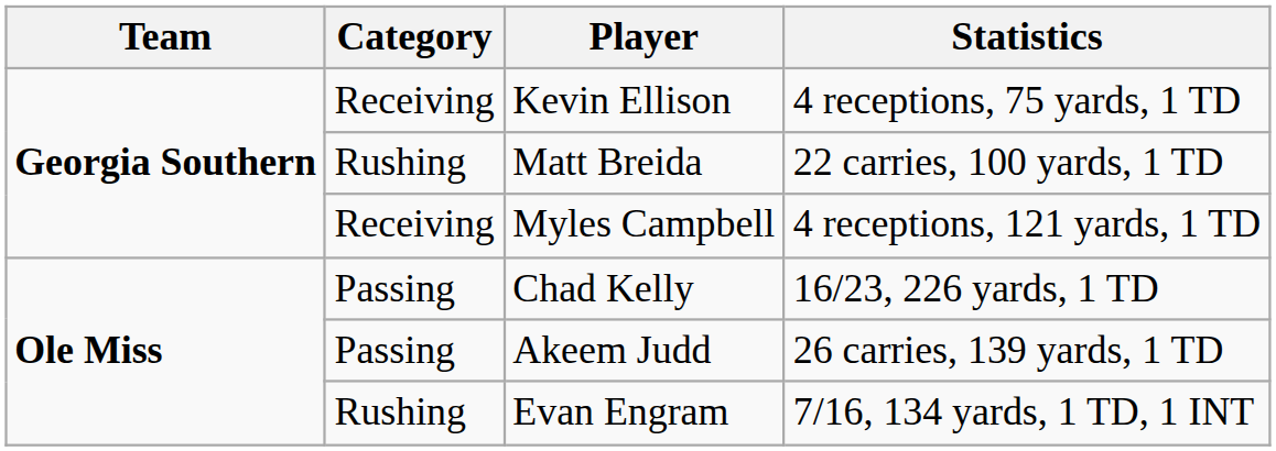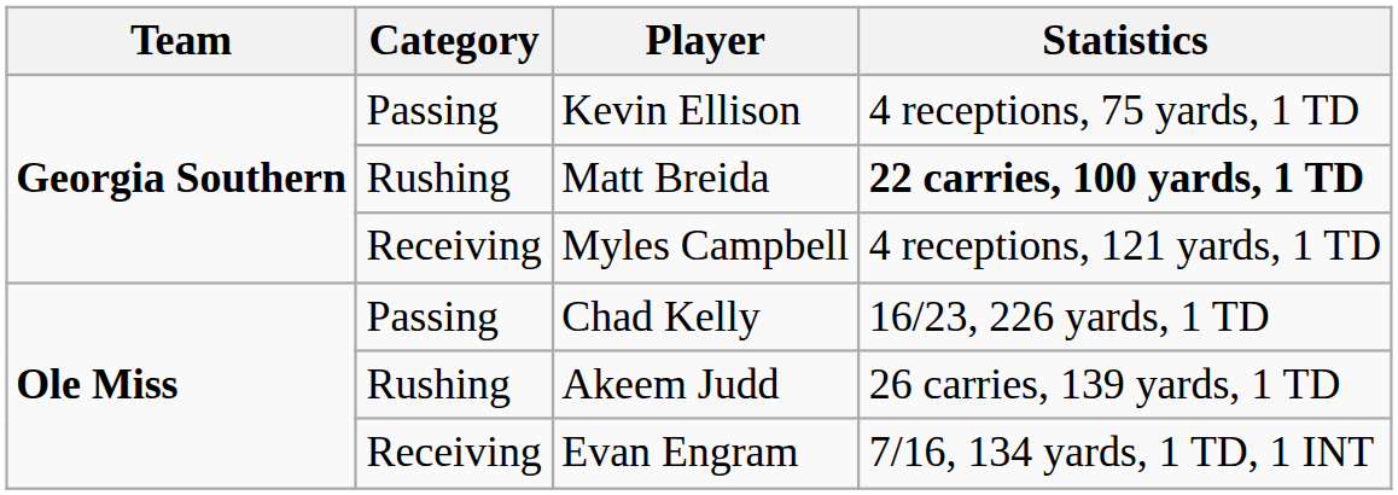 <table class="wikitable" style="float: right;">
 <tr>
 <th>Team</th>
 <th>Category</th>
 <th>Player</th>
 <th>Statistics</th>
 </tr>
 <tr>
 <td rowspan=3><strong>Georgia Southern</strong></td>
-<td>Receiving</td>
+<td>Passing</td>
 <td>Kevin Ellison</td>
 <td>4 receptions, 75 yards, 1 TD</td>
 </tr>
 <tr>
 <td>Rushing</td>
 <td>Matt Breida</td>
-<td>22 carries, 100 yards, 1 TD</td>
+<td><strong>22 carries, 100 yards, 1 TD</strong></td>
 </tr>
 <tr>
 <td>Receiving</td>
 <td>Myles Campbell</td>
 <td>4 receptions, 121 yards, 1 TD</td>
 </tr>
 <tr>
 <td rowspan=3><strong>Ole Miss</strong></td>
 <td>Passing</td>
 <td>Chad Kelly</td>
 <td>16/23, 226 yards, 1 TD</td>
 </tr>
 <tr>
-<td>Passing</td>
+<td>Rushing</td>
 <td>Akeem Judd</td>
 <td>26 carries, 139 yards, 1 TD</td>
 </tr>
 <tr>
-<td>Rushing</td>
+<td>Receiving</td>
 <td>Evan Engram</td>
 <td>7/16, 134 yards, 1 TD, 1 INT</td>
 </tr>
 </table>
